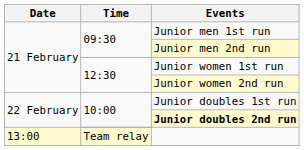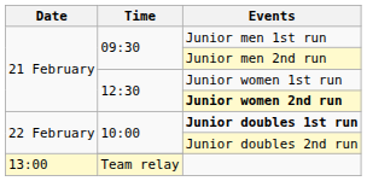 <table class="wikitable" border="1">
 <tr>
 <th>Date</th>
 <th>Time</th>
 <th>Events</th>
 </tr>
 <tr>
 <td rowspan=4>21 February</td>
 <td rowspan=2>09:30</td>
 <td>Junior men 1st run</td>
 </tr>
 <tr bgcolor=lemonchiffon>
 <td>Junior men 2nd run</td>
 </tr>
 <tr>
 <td rowspan=2>12:30</td>
 <td>Junior women 1st run</td>
 </tr>
 <tr bgcolor=lemonchiffon>
-<td>Junior women 2nd run</td>
+<td><strong>Junior women 2nd run</strong></td>
 </tr>
 <tr>
 <td rowspan=3>22 February</td>
 <td rowspan=2>10:00</td>
-<td>Junior doubles 1st run</td>
+<td><strong>Junior doubles 1st run</strong></td>
 </tr>
 <tr bgcolor=lemonchiffon>
-<td><strong>Junior doubles 2nd run</strong></td>
+<td>Junior doubles 2nd run</td>
 </tr>
 <tr>
 </tr>
 <tr bgcolor=lemonchiffon>
 <td>13:00</td>
 <td>Team relay</td>
 </tr>
 </table>
